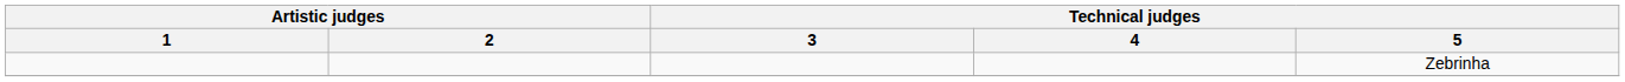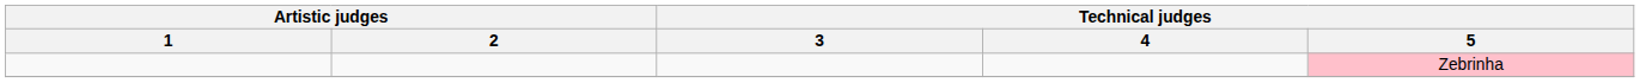 <table class="wikitable" style="font-size:100%; line-height:16px; text-align:center" width="100%">
 <tr>
 <th colspan=2>Artistic judges</th>
 <th colspan=3>Technical judges</th>
 </tr>
 <tr>
 <th width="20.0%">1</th>
 <th width="20.0%">2</th>
 <th width="20.0%">3</th>
 <th width="20.0%">4</th>
 <th width="20.0%">5</th>
 </tr>
 <tr>
 <td></td>
 <td></td>
 <td></td>
 <td></td>
-<td>Zebrinha</td>
+<td style="background: pink;">Zebrinha</td>
 </tr>
 <tr>
 </tr>
 </table>
